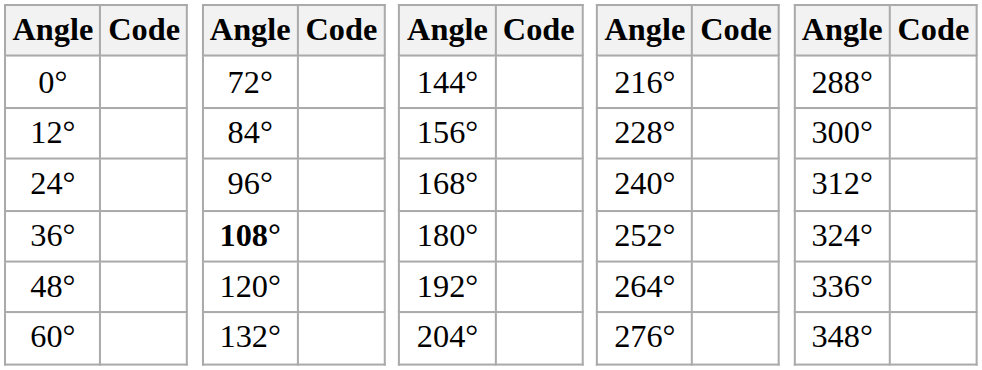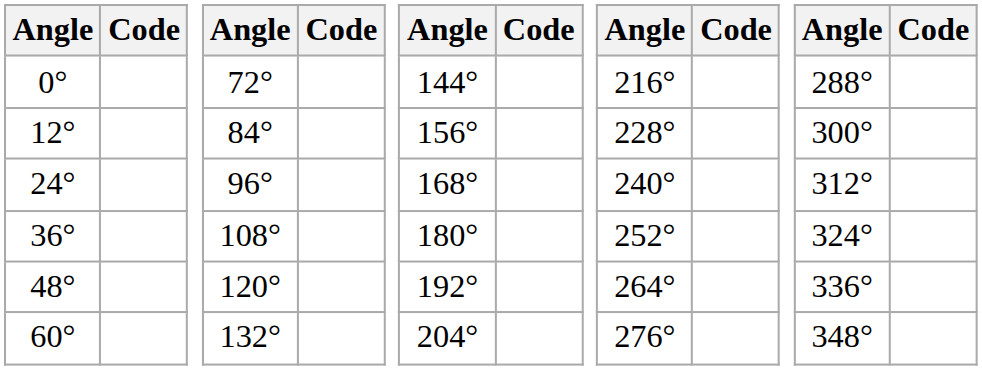 <table class="wikitable" style="text-align:center; background:#FFFFFF; border-width:0;">
 <tr>
 <th>Angle</th>
 <th>Code</th>
 <td rowspan="7" style="text-align:center; background:#FFFFFF; border-width:0;"></td>
 <th>Angle</th>
 <th>Code</th>
 <td rowspan="7" style="text-align:center; background:#FFFFFF; border-width:0;"></td>
 <th>Angle</th>
 <th>Code</th>
 <td rowspan="7" style="text-align:center; background:#FFFFFF; border-width:0;"></td>
 <th>Angle</th>
 <th>Code</th>
 <td rowspan="7" style="text-align:center; background:#FFFFFF; border-width:0;"></td>
 <th>Angle</th>
 <th>Code</th>
 </tr>
 <tr>
 <td>0°</td>
 <td></td>
 <td>72°</td>
 <td></td>
 <td>144°</td>
 <td></td>
 <td>216°</td>
 <td></td>
 <td>288°</td>
 <td></td>
 </tr>
 <tr>
 <td>12°</td>
 <td></td>
 <td>84°</td>
 <td></td>
 <td>156°</td>
 <td></td>
 <td>228°</td>
 <td></td>
 <td>300°</td>
 <td></td>
 </tr>
 <tr>
 <td>24°</td>
 <td></td>
 <td>96°</td>
 <td></td>
 <td>168°</td>
 <td></td>
 <td>240°</td>
 <td></td>
 <td>312°</td>
 <td></td>
 </tr>
 <tr>
 <td>36°</td>
 <td></td>
-<td><strong>108°</strong></td>
+<td>108°</td>
 <td></td>
 <td>180°</td>
 <td></td>
 <td>252°</td>
 <td></td>
 <td>324°</td>
 <td></td>
 </tr>
 <tr>
 <td>48°</td>
 <td></td>
 <td>120°</td>
 <td></td>
 <td>192°</td>
 <td></td>
 <td>264°</td>
 <td></td>
 <td>336°</td>
 <td></td>
 </tr>
 <tr>
 <td>60°</td>
 <td></td>
 <td>132°</td>
 <td></td>
 <td>204°</td>
 <td></td>
 <td>276°</td>
 <td></td>
 <td>348°</td>
 <td></td>
 </tr>
 </table>
